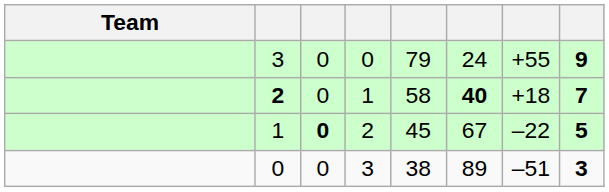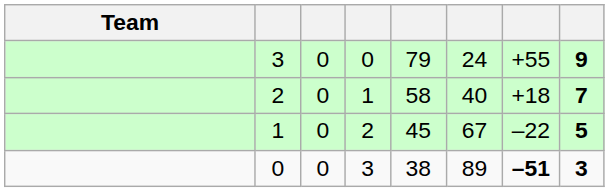 <table class="wikitable" style="text-align:center;">
 <tr>
 <th style="width:10.5em;">Team</th>
 <th style="width:1.5em;"></th>
 <th style="width:1.5em;"></th>
 <th style="width:1.5em;"></th>
 <th style="width:2.0em;"></th>
 <th style="width:2.0em;"></th>
 <th style="width:2.0em;"></th>
 <th style="width:1.5em;"></th>
 </tr>
 <tr bgcolor=#cfc>
 <td align="left"></td>
 <td>3</td>
 <td>0</td>
 <td>0</td>
 <td>79</td>
 <td>24</td>
 <td>+55</td>
 <td><strong>9</strong></td>
 </tr>
 <tr bgcolor=#cfc>
 <td align="left"></td>
-<td><strong>2</strong></td>
+<td>2</td>
 <td>0</td>
 <td>1</td>
 <td>58</td>
-<td><strong>40</strong></td>
+<td>40</td>
 <td>+18</td>
 <td><strong>7</strong></td>
 </tr>
 <tr bgcolor=#cfc>
 <td align="left"></td>
 <td>1</td>
-<td><strong>0</strong></td>
+<td>0</td>
 <td>2</td>
 <td>45</td>
 <td>67</td>
 <td>–22</td>
 <td><strong>5</strong></td>
 </tr>
 <tr>
 <td align="left"></td>
 <td>0</td>
 <td>0</td>
 <td>3</td>
 <td>38</td>
 <td>89</td>
-<td>–51</td>
+<td><strong>–51</strong></td>
 <td><strong>3</strong></td>
 </tr>
 </table>
